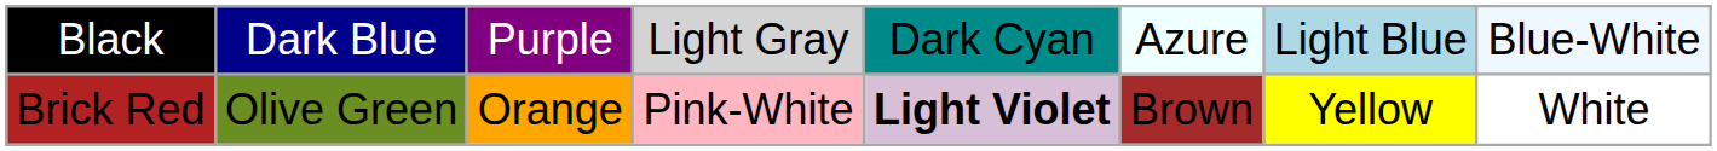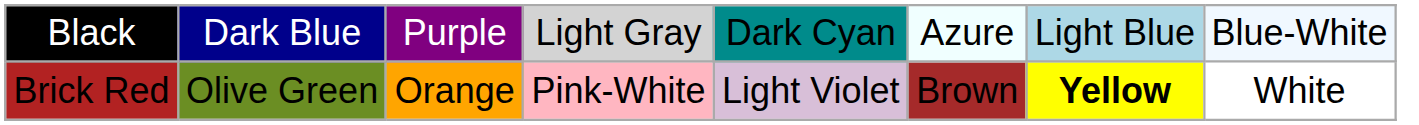 <table class="wikitable" style="text-align:center;">
 <tr>
 <td style="background-color: black; color:#ffffff;">Black</td>
 <td style="background-color: darkblue; color:#ffffff;">Dark Blue</td>
 <td style="background-color: purple; color:#ffffff;">Purple</td>
 <td style="background-color: lightgray;">Light Gray</td>
 <td style="background-color: darkcyan;">Dark Cyan</td>
 <td style="background-color: azure;">Azure</td>
 <td style="background-color: lightblue;">Light Blue</td>
 <td style="background-color: aliceblue;">Blue-White</td>
 </tr>
 <tr>
 <td style="background-color: firebrick;">Brick Red</td>
 <td style="background-color: olivedrab;">Olive Green</td>
 <td style="background-color: orange;">Orange</td>
 <td style="background-color: lightpink;">Pink-White</td>
-<td style="background-color: thistle;"><strong>Light Violet</strong></td>
+<td style="background-color: thistle;">Light Violet</td>
 <td style="background-color: brown;">Brown</td>
-<td style="background-color: yellow;">Yellow</td>
+<td style="background-color: yellow;"><strong>Yellow</strong></td>
 <td style="background-color: white;">White</td>
 </tr>
 </table>
